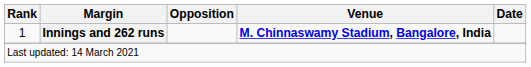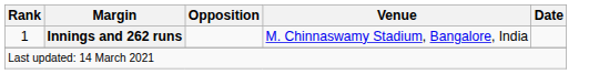 <table class="wikitable plainrowheaders sortable">
 <tr>
 <th scope=col>Rank</th>
 <th scope=col>Margin</th>
 <th scope=col>Opposition</th>
 <th scope=col>Venue</th>
 <th scope=col>Date</th>
 </tr>
 <tr>
 <td align=center>1</td>
 <th scope=row style="text-align:center;">Innings and 262 runs</th>
 <td></td>
-<td><strong><a href='#'>M. Chinnaswamy Stadium</a>, <a href='#'>Bangalore</a>, India</strong></td>
+<td><a href='#'>M. Chinnaswamy Stadium</a>, <a href='#'>Bangalore</a>, India</td>
 <td></td>
 </tr>
 <tr>
 </tr>
 <tr class=sortbottom>
 <td colspan=5><small>Last updated: 14 March 2021</small></td>
 </tr>
 </table>
